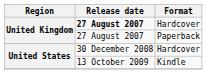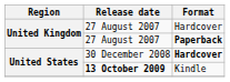 <table class="wikitable plainrowheaders">
 <tr>
 <th scope="col">Region</th>
 <th scope="col">Release date</th>
 <th scope="col">Format</th>
 </tr>
 <tr>
 <th scope="row" rowspan="2">United Kingdom</th>
-<td><strong>27 August 2007</strong></td>
+<td>27 August 2007</td>
 <td>Hardcover</td>
 </tr>
 <tr>
 <td>27 August 2007</td>
-<td>Paperback</td>
+<td><strong>Paperback</strong></td>
 </tr>
 <tr>
 <th scope="row" rowspan="2">United States</th>
 <td>30 December 2008</td>
-<td>Hardcover</td>
+<td><strong>Hardcover</strong></td>
 </tr>
 <tr>
-<td>13 October 2009</td>
+<td><strong>13 October 2009</strong></td>
 <td>Kindle</td>
 </tr>
 <tr>
 </tr>
 </table>
